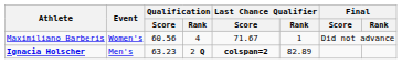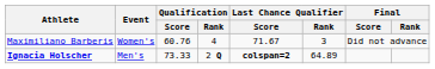 <table class=wikitable style=font-size:90%;text-align:center>
 <tr>
 <th rowspan=2>Athlete</th>
 <th rowspan=2>Event</th>
 <th colspan=2>Qualification</th>
 <th colspan=2>Last Chance Qualifier</th>
 <th colspan=2>Final</th>
 </tr>
 <tr style=font-size:95%>
 <th>Score</th>
 <th>Rank</th>
 <th>Score</th>
 <th>Rank</th>
 <th>Score</th>
 <th>Rank</th>
 </tr>
 <tr>
 <td style="text-align:left"><a href='#'>Maximiliano Barberis</a></td>
 <td style="text-align:left"><a href='#'>Women's</a></td>
-<td>60.56</td>
+<td>60.76</td>
 <td>4</td>
 <td>71.67</td>
-<td>1</td>
+<td>3</td>
 <td colspan=2>Did not advance</td>
 </tr>
 <tr>
 <td style="text-align:left"><strong><a href='#'>Ignacia Holscher</a></strong></td>
 <td style="text-align:left"><a href='#'>Men's</a></td>
-<td>63.23</td>
+<td>73.33</td>
 <td>2 <strong>Q</strong></td>
 <td><strong>colspan=2 </strong></td>
-<td>82.89</td>
+<td>64.89</td>
 <td></td>
 </tr>
 </table>
